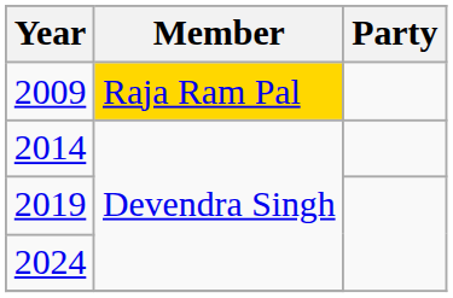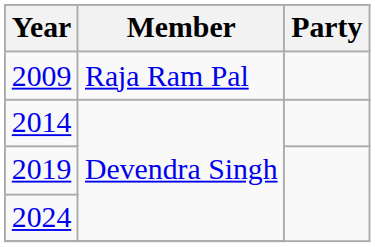 <table class="wikitable">
 <tr>
 <th>Year</th>
 <th>Member</th>
 <th colspan="2">Party</th>
 </tr>
 <tr>
 <td><a href='#'>2009</a></td>
-<td style="background: gold;"><a href='#'>Raja Ram Pal</a></td>
+<td><a href='#'>Raja Ram Pal</a></td>
 <td></td>
 </tr>
 <tr>
 <td><a href='#'>2014</a></td>
 <td rowspan="3"><a href='#'>Devendra Singh</a></td>
 <td></td>
 </tr>
 <tr>
 <td><a href='#'>2019</a></td>
 </tr>
 <tr>
 <td><a href='#'>2024</a></td>
 </tr>
 <tr>
 </tr>
 </table>
